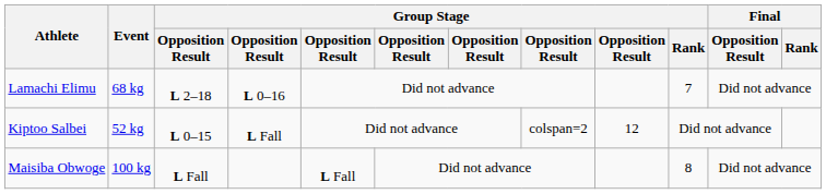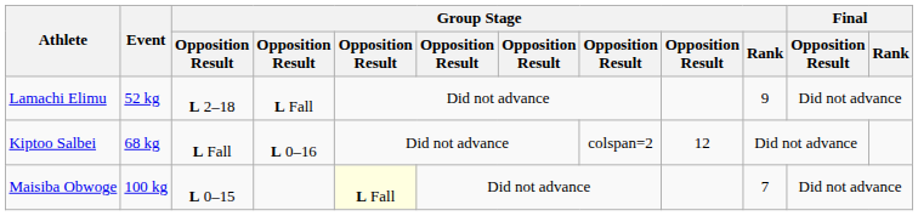 <table class=wikitable style="font-size:90%">
 <tr>
 <th rowspan="2">Athlete</th>
 <th rowspan="2">Event</th>
 <th colspan="8">Group Stage</th>
 <th colspan=2>Final</th>
 </tr>
 <tr>
 <th>Opposition<br>Result</th>
 <th>Opposition<br>Result</th>
 <th>Opposition<br>Result</th>
 <th>Opposition<br>Result</th>
 <th>Opposition<br>Result</th>
 <th>Opposition<br>Result</th>
 <th>Opposition<br>Result</th>
 <th>Rank</th>
 <th>Opposition<br>Result</th>
 <th>Rank</th>
 </tr>
 <tr align=center>
 <td align=left><a href='#'>Lamachi Elimu</a></td>
-<td align=left><a href='#'>68 kg</a></td>
+<td align=left><a href='#'>52 kg</a></td>
 <td><br><strong>L</strong> 2–18</td>
-<td><br><strong>L</strong> 0–16</td>
+<td><br><strong>L</strong> Fall</td>
 <td colspan=4>Did not advance</td>
 <td></td>
-<td>7</td>
+<td>9</td>
 <td colspan=2>Did not advance</td>
 </tr>
 <tr align=center>
 <td align=left><a href='#'>Kiptoo Salbei</a></td>
-<td align=left><a href='#'>52 kg</a></td>
-<td><br><strong>L</strong> 0–15</td>
+<td align=left><a href='#'>68 kg</a></td>
 <td><br><strong>L</strong> Fall</td>
+<td><br><strong>L</strong> 0–16</td>
 <td colspan=3>Did not advance</td>
 <td>colspan=2</td>
 <td>12</td>
 <td colspan=2>Did not advance</td>
 </tr>
 <tr align=center>
 <td align=left><a href='#'>Maisiba Obwoge</a></td>
 <td align=left><a href='#'>100 kg</a></td>
-<td><br><strong>L</strong> Fall</td>
+<td><br><strong>L</strong> 0–15</td>
 <td></td>
-<td><br><strong>L</strong> Fall</td>
+<td style="background: lightyellow;"><br><strong>L</strong> Fall</td>
 <td colspan=3>Did not advance</td>
 <td></td>
-<td>8</td>
+<td>7</td>
 <td colspan=2>Did not advance</td>
 </tr>
 </table>
